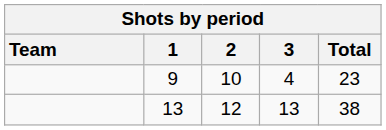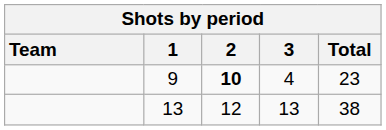 <table class="wikitable" style="width:20em; text-align:right;">
 <tr>
 <th colspan="6">Shots by period</th>
 </tr>
 <tr>
 <th style="width:8em; text-align:left;">Team</th>
 <th style="width:3em;">1</th>
 <th style="width:3em;">2</th>
 <th style="width:3em;">3</th>
 <th style="width:3em;">Total</th>
 </tr>
 <tr style="text-align:center;">
 <td style="text-align:left;"></td>
 <td>9</td>
-<td>10</td>
+<td><strong>10</strong></td>
 <td>4</td>
 <td>23</td>
 </tr>
 <tr style="text-align:center;">
 <td style="text-align:left;"></td>
 <td>13</td>
 <td>12</td>
 <td>13</td>
 <td>38</td>
 </tr>
 </table>
